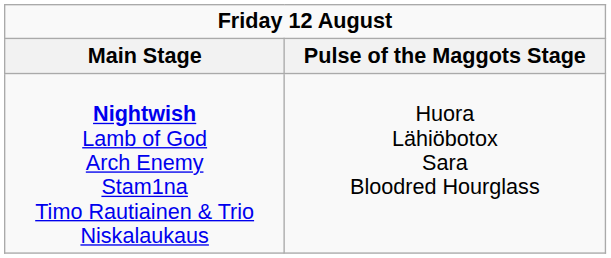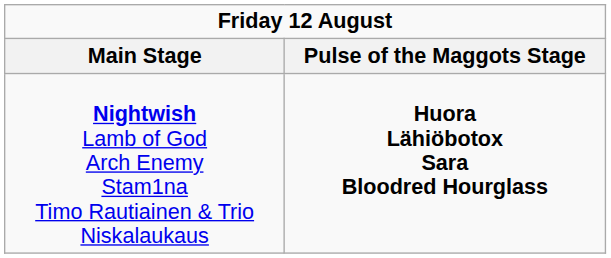 <table class="wikitable">
 <tr>
 <td colspan="4" style="text-align:center;"><strong>Friday 12 August</strong></td>
 </tr>
 <tr>
 <th>Main Stage</th>
 <th>Pulse of the Maggots Stage</th>
 </tr>
 <tr>
 <td style="text-align:center; vertical-align:top; width:200px;"><br><strong><a href='#'>Nightwish</a></strong><br> <a href='#'>Lamb of God</a><br> <a href='#'>Arch Enemy</a><br> <a href='#'>Stam1na</a><br> <a href='#'>Timo Rautiainen & Trio Niskalaukaus</a><br></td>
-<td style="text-align:center; vertical-align:top; width:230px;"><br>Huora<br> Lähiöbotox<br> Sara<br> Bloodred Hourglass</td>
+<td style="text-align:center; vertical-align:top; width:230px;"><strong><br>Huora<br> Lähiöbotox<br> Sara<br> Bloodred Hourglass</strong></td>
 </tr>
 </table>
